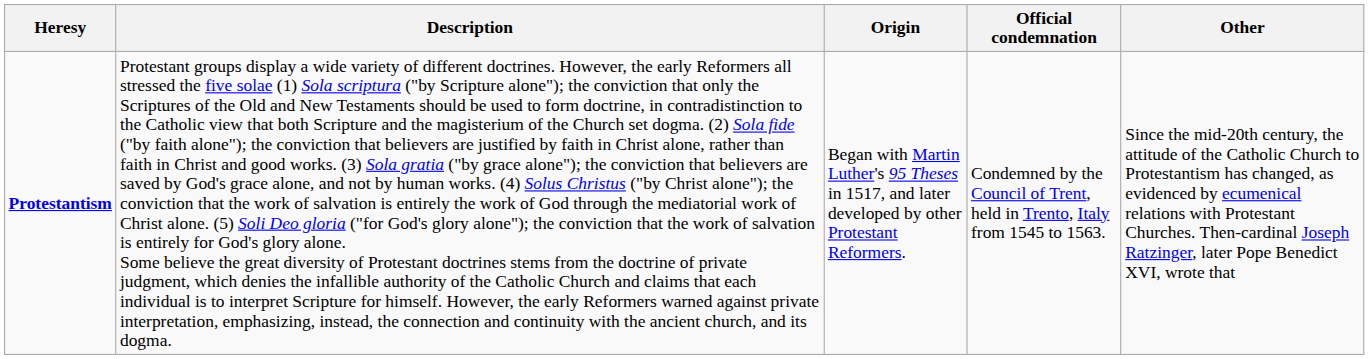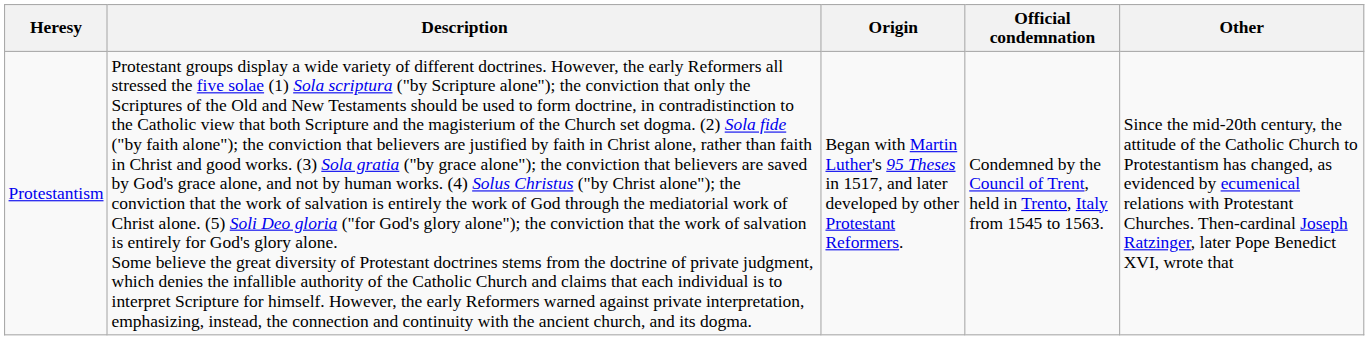 <table class="wikitable">
 <tr>
 <th>Heresy</th>
 <th>Description</th>
 <th>Origin</th>
 <th>Official condemnation</th>
 <th>Other</th>
 </tr>
 <tr>
-<td><strong><a href='#'>Protestantism</a></strong></td>
+<td><a href='#'>Protestantism</a></td>
 <td>Protestant groups display a wide variety of different doctrines. However, the early Reformers all stressed the <a href='#'>five solae</a> (1) <em><a href='#'>Sola scriptura</a></em> ("by Scripture alone"); the conviction that only the Scriptures of the Old and New Testaments should be used to form doctrine, in contradistinction to the Catholic view that both Scripture and the magisterium of the Church set dogma. (2) <em><a href='#'>Sola fide</a></em> ("by faith alone"); the conviction that believers are justified by faith in Christ alone, rather than faith in Christ and good works. (3) <em><a href='#'>Sola gratia</a></em> ("by grace alone"); the conviction that believers are saved by God's grace alone, and not by human works. (4) <em><a href='#'>Solus Christus</a></em> ("by Christ alone"); the conviction that the work of salvation is entirely the work of God through the mediatorial work of Christ alone. (5) <em><a href='#'>Soli Deo gloria</a></em> ("for God's glory alone"); the conviction that the work of salvation is entirely for God's glory alone.<br>Some believe the great diversity of Protestant doctrines stems from the doctrine of private judgment, which denies the infallible authority of the Catholic Church and claims that each individual is to interpret Scripture for himself.  However, the early Reformers warned against private interpretation, emphasizing, instead, the connection and continuity with the ancient church, and its dogma.</td>
 <td>Began with <a href='#'>Martin Luther</a>'s <em><a href='#'>95 Theses</a></em> in 1517, and later developed by other <a href='#'>Protestant Reformers</a>.</td>
 <td>Condemned by the <a href='#'>Council of Trent</a>, held in <a href='#'>Trento</a>, <a href='#'>Italy</a> from 1545 to 1563.</td>
 <td>Since the mid-20th century, the attitude of the Catholic Church to Protestantism has changed, as evidenced by <a href='#'>ecumenical</a> relations with Protestant Churches. Then-cardinal <a href='#'>Joseph Ratzinger</a>, later Pope Benedict XVI, wrote that </td>
 </tr>
 </table>
